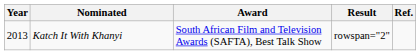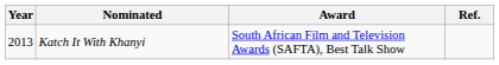 <table class="wikitable" style="width:100%;">
 <tr>
 <th width=5%>Year</th>
 <th style="width:40%;">Nominated</th>
 <th style="width:45%;">Award</th>
-<th style="width:10%;">Result</th>
 <th style="width:10%;">Ref.</th>
 </tr>
 <tr>
 <td>2013</td>
 <td><em>Katch It With Khanyi</em></td>
 <td><a href='#'>South African Film and Television Awards</a> (SAFTA), Best Talk Show</td>
-<td>rowspan="2" </td>
 <td style="text-align:center;"></td>
 </tr>
 </table>
